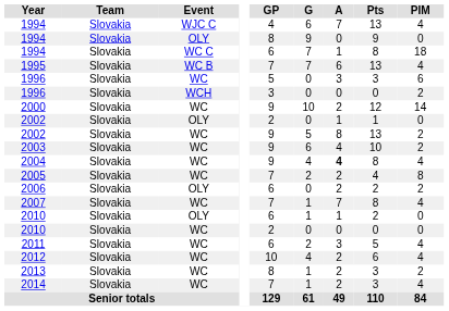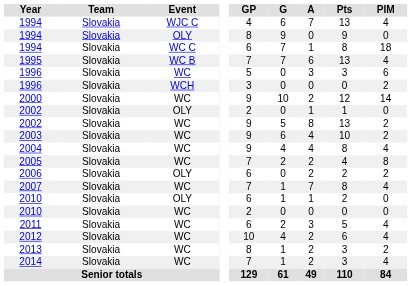 <table border="0" cellpadding="1" cellspacing="0" style="text-align:center; width:40em;">
 <tr style="background:#e0e0e0;">
 <th>Year</th>
 <th>Team</th>
 <th>Event</th>
 <th rowspan="99" style="background:#fff;"> </th>
 <th>GP</th>
 <th>G</th>
 <th>A</th>
 <th>Pts</th>
 <th>PIM</th>
 </tr>
 <tr>
 <td><a href='#'>1994</a></td>
 <td><a href='#'>Slovakia</a></td>
 <td><a href='#'>WJC C</a></td>
 <td>4</td>
 <td>6</td>
 <td>7</td>
 <td>13</td>
 <td>4</td>
 </tr>
 <tr style="background:#f0f0f0;">
 <td><a href='#'>1994</a></td>
 <td><a href='#'>Slovakia</a></td>
 <td><a href='#'>OLY</a></td>
 <td>8</td>
 <td>9</td>
 <td>0</td>
 <td>9</td>
 <td>0</td>
 </tr>
 <tr>
 <td><a href='#'>1994</a></td>
 <td>Slovakia</td>
 <td><a href='#'>WC C</a></td>
 <td>6</td>
 <td>7</td>
 <td>1</td>
 <td>8</td>
 <td>18</td>
 </tr>
 <tr style="background:#f0f0f0;">
 <td><a href='#'>1995</a></td>
 <td>Slovakia</td>
 <td><a href='#'>WC B</a></td>
 <td>7</td>
 <td>7</td>
 <td>6</td>
 <td>13</td>
 <td>4</td>
 </tr>
 <tr>
 <td><a href='#'>1996</a></td>
 <td>Slovakia</td>
 <td><a href='#'>WC</a></td>
 <td>5</td>
 <td>0</td>
 <td>3</td>
 <td>3</td>
 <td>6</td>
 </tr>
 <tr style="background:#f0f0f0;">
 <td><a href='#'>1996</a></td>
 <td>Slovakia</td>
 <td><a href='#'>WCH</a></td>
 <td>3</td>
 <td>0</td>
 <td>0</td>
 <td>0</td>
 <td>2</td>
 </tr>
 <tr>
 <td><a href='#'>2000</a></td>
 <td>Slovakia</td>
 <td>WC</td>
 <td>9</td>
 <td>10</td>
 <td>2</td>
 <td>12</td>
 <td>14</td>
 </tr>
 <tr style="background:#f0f0f0;">
 <td><a href='#'>2002</a></td>
 <td>Slovakia</td>
 <td>OLY</td>
 <td>2</td>
 <td>0</td>
 <td>1</td>
 <td>1</td>
 <td>0</td>
 </tr>
 <tr>
 <td><a href='#'>2002</a></td>
 <td>Slovakia</td>
 <td>WC</td>
 <td>9</td>
 <td>5</td>
 <td>8</td>
 <td>13</td>
 <td>2</td>
 </tr>
 <tr style="background:#f0f0f0;">
 <td><a href='#'>2003</a></td>
 <td>Slovakia</td>
 <td>WC</td>
 <td>9</td>
 <td>6</td>
 <td>4</td>
 <td>10</td>
 <td>2</td>
 </tr>
 <tr>
 <td><a href='#'>2004</a></td>
 <td>Slovakia</td>
 <td>WC</td>
 <td>9</td>
 <td>4</td>
-<td><strong>4</strong></td>
+<td>4</td>
 <td>8</td>
 <td>4</td>
 </tr>
 <tr style="background:#f0f0f0;">
 <td><a href='#'>2005</a></td>
 <td>Slovakia</td>
 <td>WC</td>
 <td>7</td>
 <td>2</td>
 <td>2</td>
 <td>4</td>
 <td>8</td>
 </tr>
 <tr>
 <td><a href='#'>2006</a></td>
 <td>Slovakia</td>
 <td>OLY</td>
 <td>6</td>
 <td>0</td>
 <td>2</td>
 <td>2</td>
 <td>2</td>
 </tr>
 <tr style="background:#f0f0f0;">
 <td><a href='#'>2007</a></td>
 <td>Slovakia</td>
 <td>WC</td>
 <td>7</td>
 <td>1</td>
 <td>7</td>
 <td>8</td>
 <td>4</td>
 </tr>
 <tr>
 <td><a href='#'>2010</a></td>
 <td>Slovakia</td>
 <td>OLY</td>
 <td>6</td>
 <td>1</td>
 <td>1</td>
 <td>2</td>
 <td>0</td>
 </tr>
 <tr style="background:#f0f0f0;">
 <td><a href='#'>2010</a></td>
 <td>Slovakia</td>
 <td>WC</td>
 <td>2</td>
 <td>0</td>
 <td>0</td>
 <td>0</td>
 <td>0</td>
 </tr>
 <tr>
 <td><a href='#'>2011</a></td>
 <td>Slovakia</td>
 <td>WC</td>
 <td>6</td>
 <td>2</td>
 <td>3</td>
 <td>5</td>
 <td>4</td>
 </tr>
 <tr style="background:#f0f0f0;">
 <td><a href='#'>2012</a></td>
 <td>Slovakia</td>
 <td>WC</td>
 <td>10</td>
 <td>4</td>
 <td>2</td>
 <td>6</td>
 <td>4</td>
 </tr>
 <tr>
 <td><a href='#'>2013</a></td>
 <td>Slovakia</td>
 <td>WC</td>
 <td>8</td>
 <td>1</td>
 <td>2</td>
 <td>3</td>
 <td>2</td>
 </tr>
 <tr style="background:#f0f0f0;">
 <td><a href='#'>2014</a></td>
 <td>Slovakia</td>
 <td>WC</td>
 <td>7</td>
 <td>1</td>
 <td>2</td>
 <td>3</td>
 <td>4</td>
 </tr>
 <tr style="background:#e0e0e0;">
 <th colspan="3">Senior totals</th>
 <th>129</th>
 <th>61</th>
 <th>49</th>
 <th>110</th>
 <th>84</th>
 </tr>
 </table>
